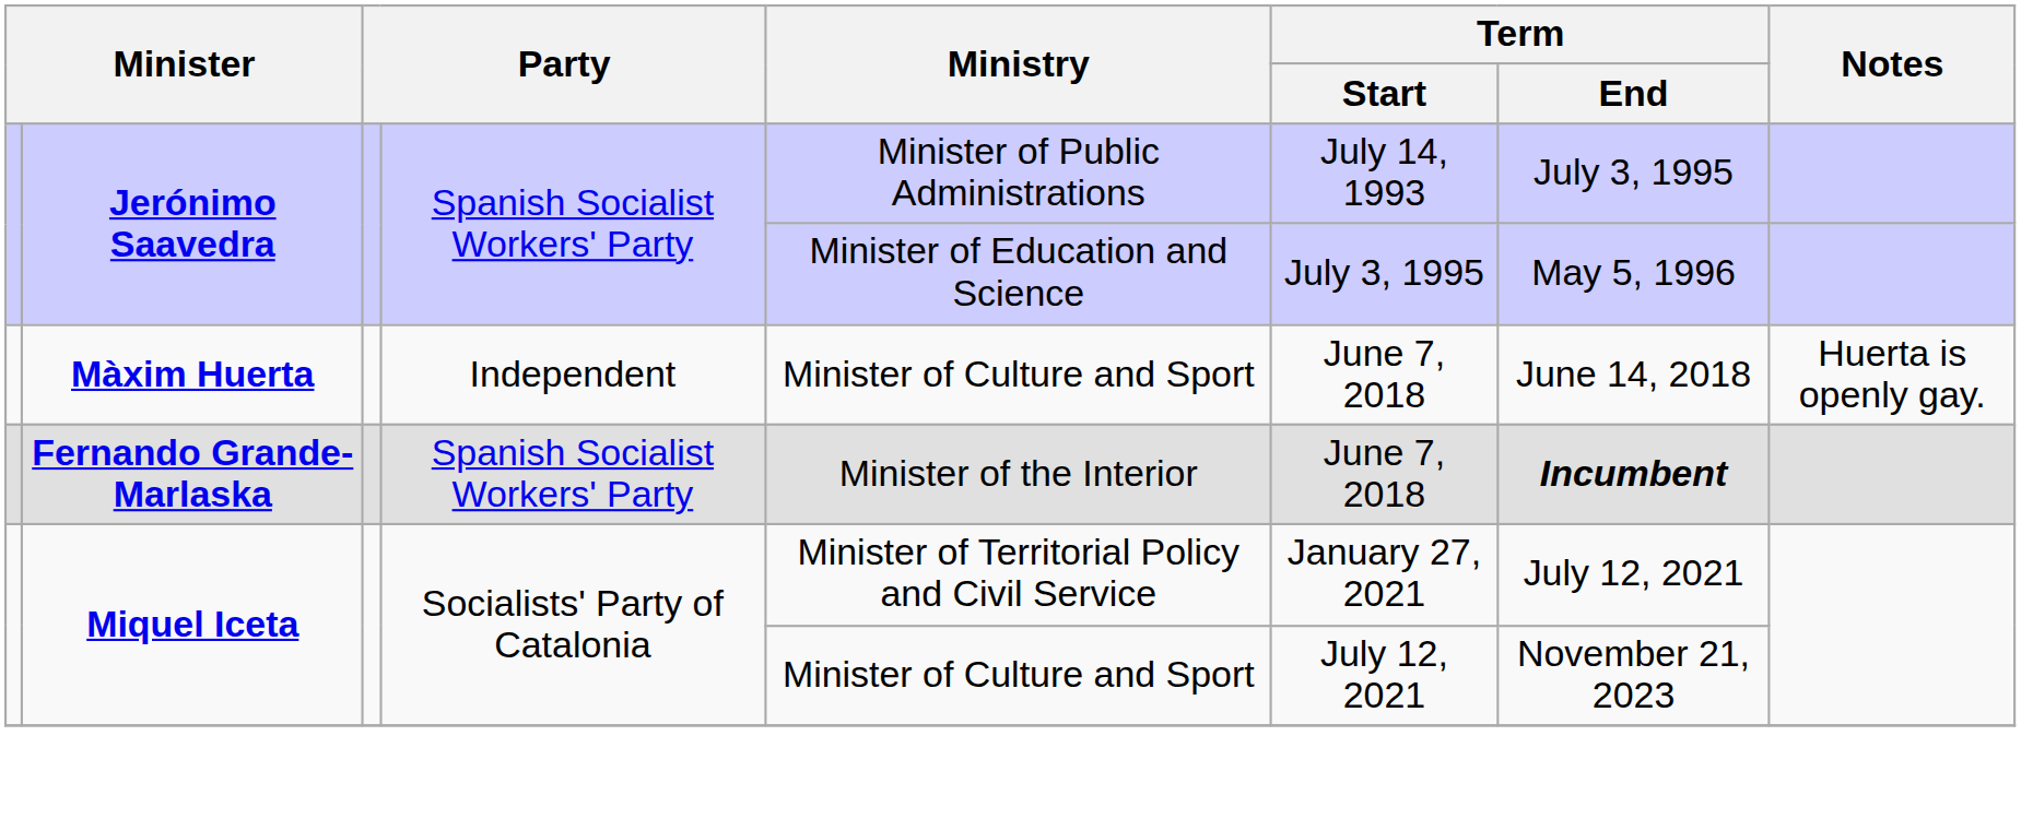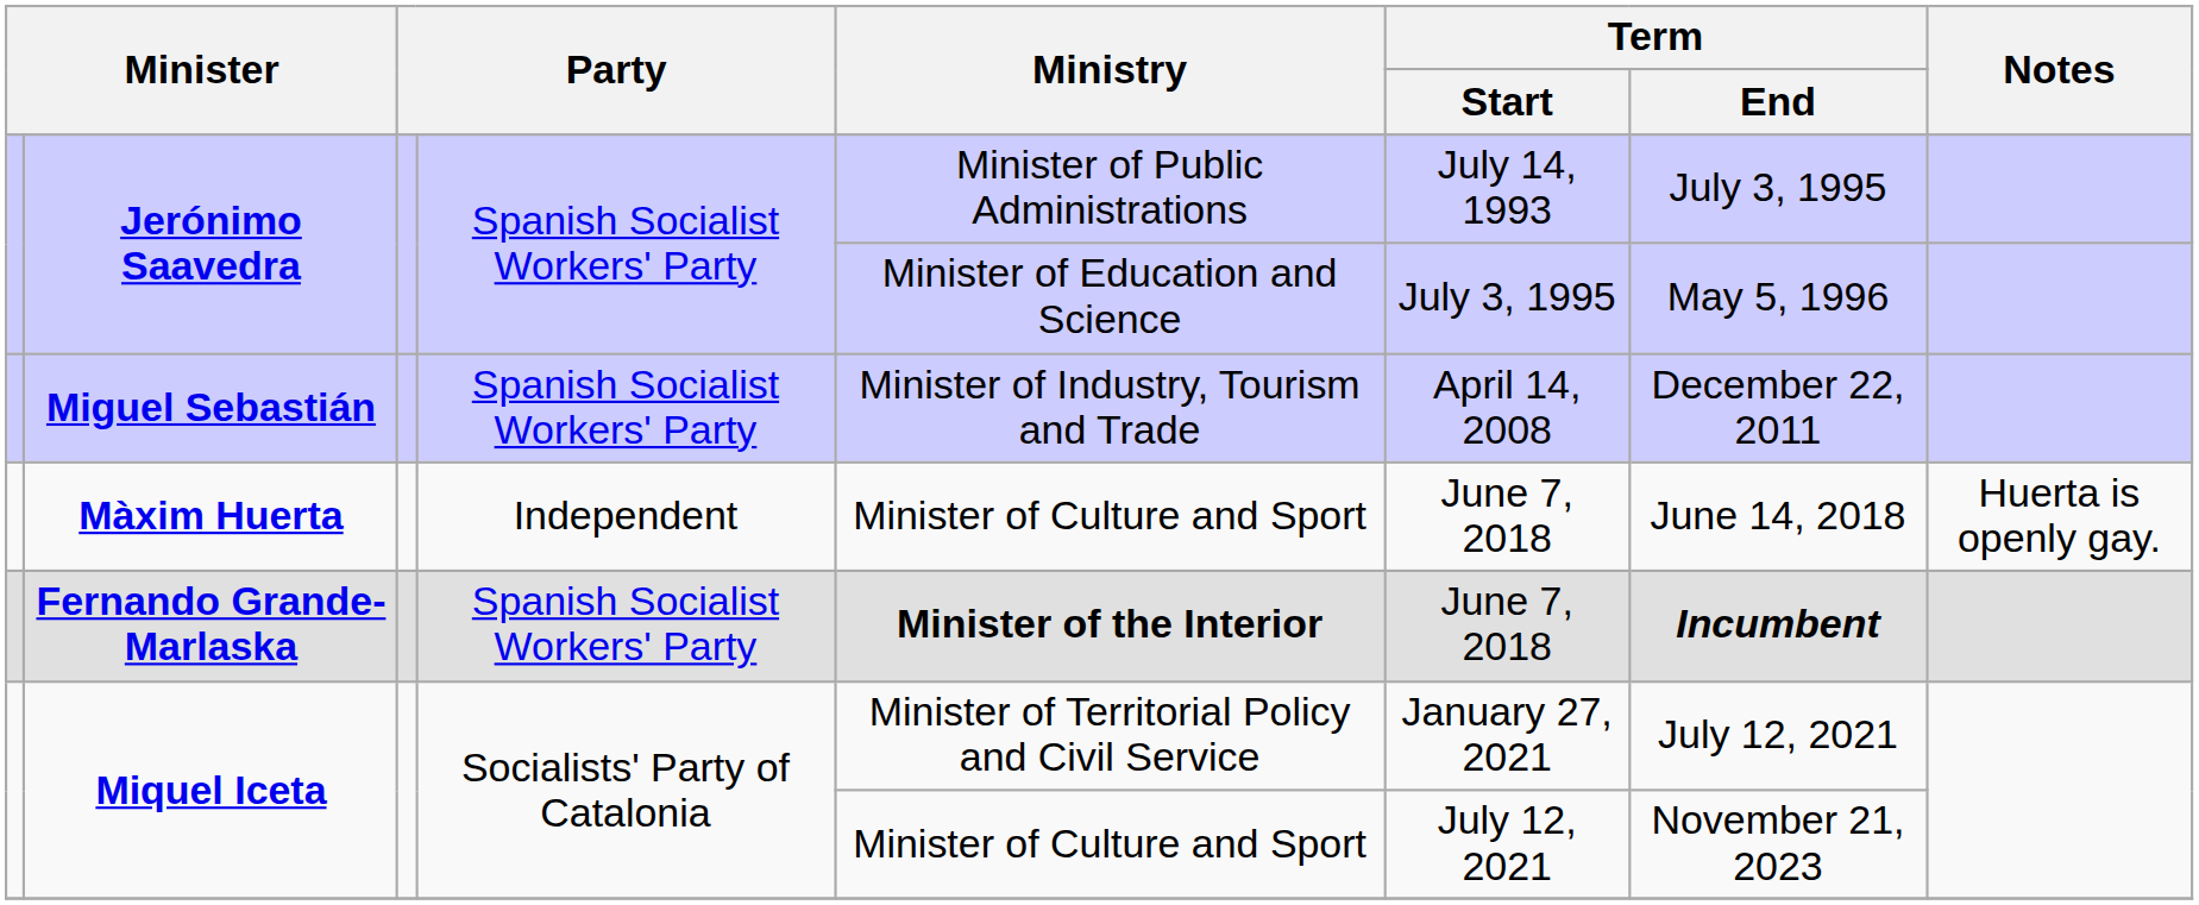 <table class="wikitable sortable" style="text-align:center">
 <tr>
 <th colspan="2" rowspan="2">Minister</th>
 <th colspan="2" rowspan="2">Party</th>
 <th rowspan="2">Ministry</th>
 <th colspan="2">Term</th>
 <th rowspan="2">Notes</th>
 </tr>
 <tr>
 <th>Start</th>
 <th>End</th>
 </tr>
 <tr style="background:#CCF">
 <td rowspan="2"></td>
 <td rowspan="2"><strong><a href='#'>Jerónimo Saavedra</a></strong></td>
 <td rowspan="2" style="background-color:"></td>
 <td rowspan="2"><a href='#'>Spanish Socialist Workers' Party</a></td>
 <td>Minister of Public Administrations</td>
 <td>July 14, 1993</td>
 <td>July 3, 1995</td>
 <td></td>
 </tr>
 <tr style="background:#CCF">
 <td>Minister of Education and Science</td>
 <td>July 3, 1995</td>
 <td>May 5, 1996</td>
 <td></td>
 </tr>
+<tr style="background:#CCF">
+<td></td>
+<td><strong><a href='#'>Miguel Sebastián</a></strong></td>
+<td style="background-color:"></td>
+<td><a href='#'>Spanish Socialist Workers' Party</a></td>
+<td>Minister of Industry, Tourism and Trade</td>
+<td>April 14, 2008</td>
+<td>December 22, 2011</td>
+<td></td>
+</tr>
 <tr>
 <td></td>
 <td><strong><a href='#'>Màxim Huerta</a></strong></td>
 <td style="background-color:"></td>
 <td>Independent</td>
 <td>Minister of Culture and Sport</td>
 <td>June 7, 2018</td>
 <td>June 14, 2018</td>
 <td>Huerta is openly gay.</td>
 </tr>
 <tr style="background:#e0e0e0">
 <td></td>
 <td><strong><a href='#'>Fernando Grande-Marlaska</a></strong></td>
 <td style="background-color:"></td>
 <td><a href='#'>Spanish Socialist Workers' Party</a></td>
-<td>Minister of the Interior</td>
+<td><strong>Minister of the Interior</strong></td>
 <td>June 7, 2018</td>
 <td><strong><em>Incumbent</em></strong></td>
 <td></td>
 </tr>
 <tr>
 <td rowspan="2"></td>
 <td rowspan="2"><strong><a href='#'>Miquel Iceta</a></strong></td>
 <td rowspan="2" style="background-color:"></td>
 <td rowspan="2">Socialists' Party of Catalonia</td>
 <td>Minister of Territorial Policy and Civil Service</td>
 <td>January 27, 2021</td>
 <td>July 12, 2021</td>
 <td rowspan="2"></td>
 </tr>
 <tr>
 <td>Minister of Culture and Sport</td>
 <td>July 12, 2021</td>
 <td>November 21, 2023</td>
 </tr>
 <tr>
 </tr>
 </table>
